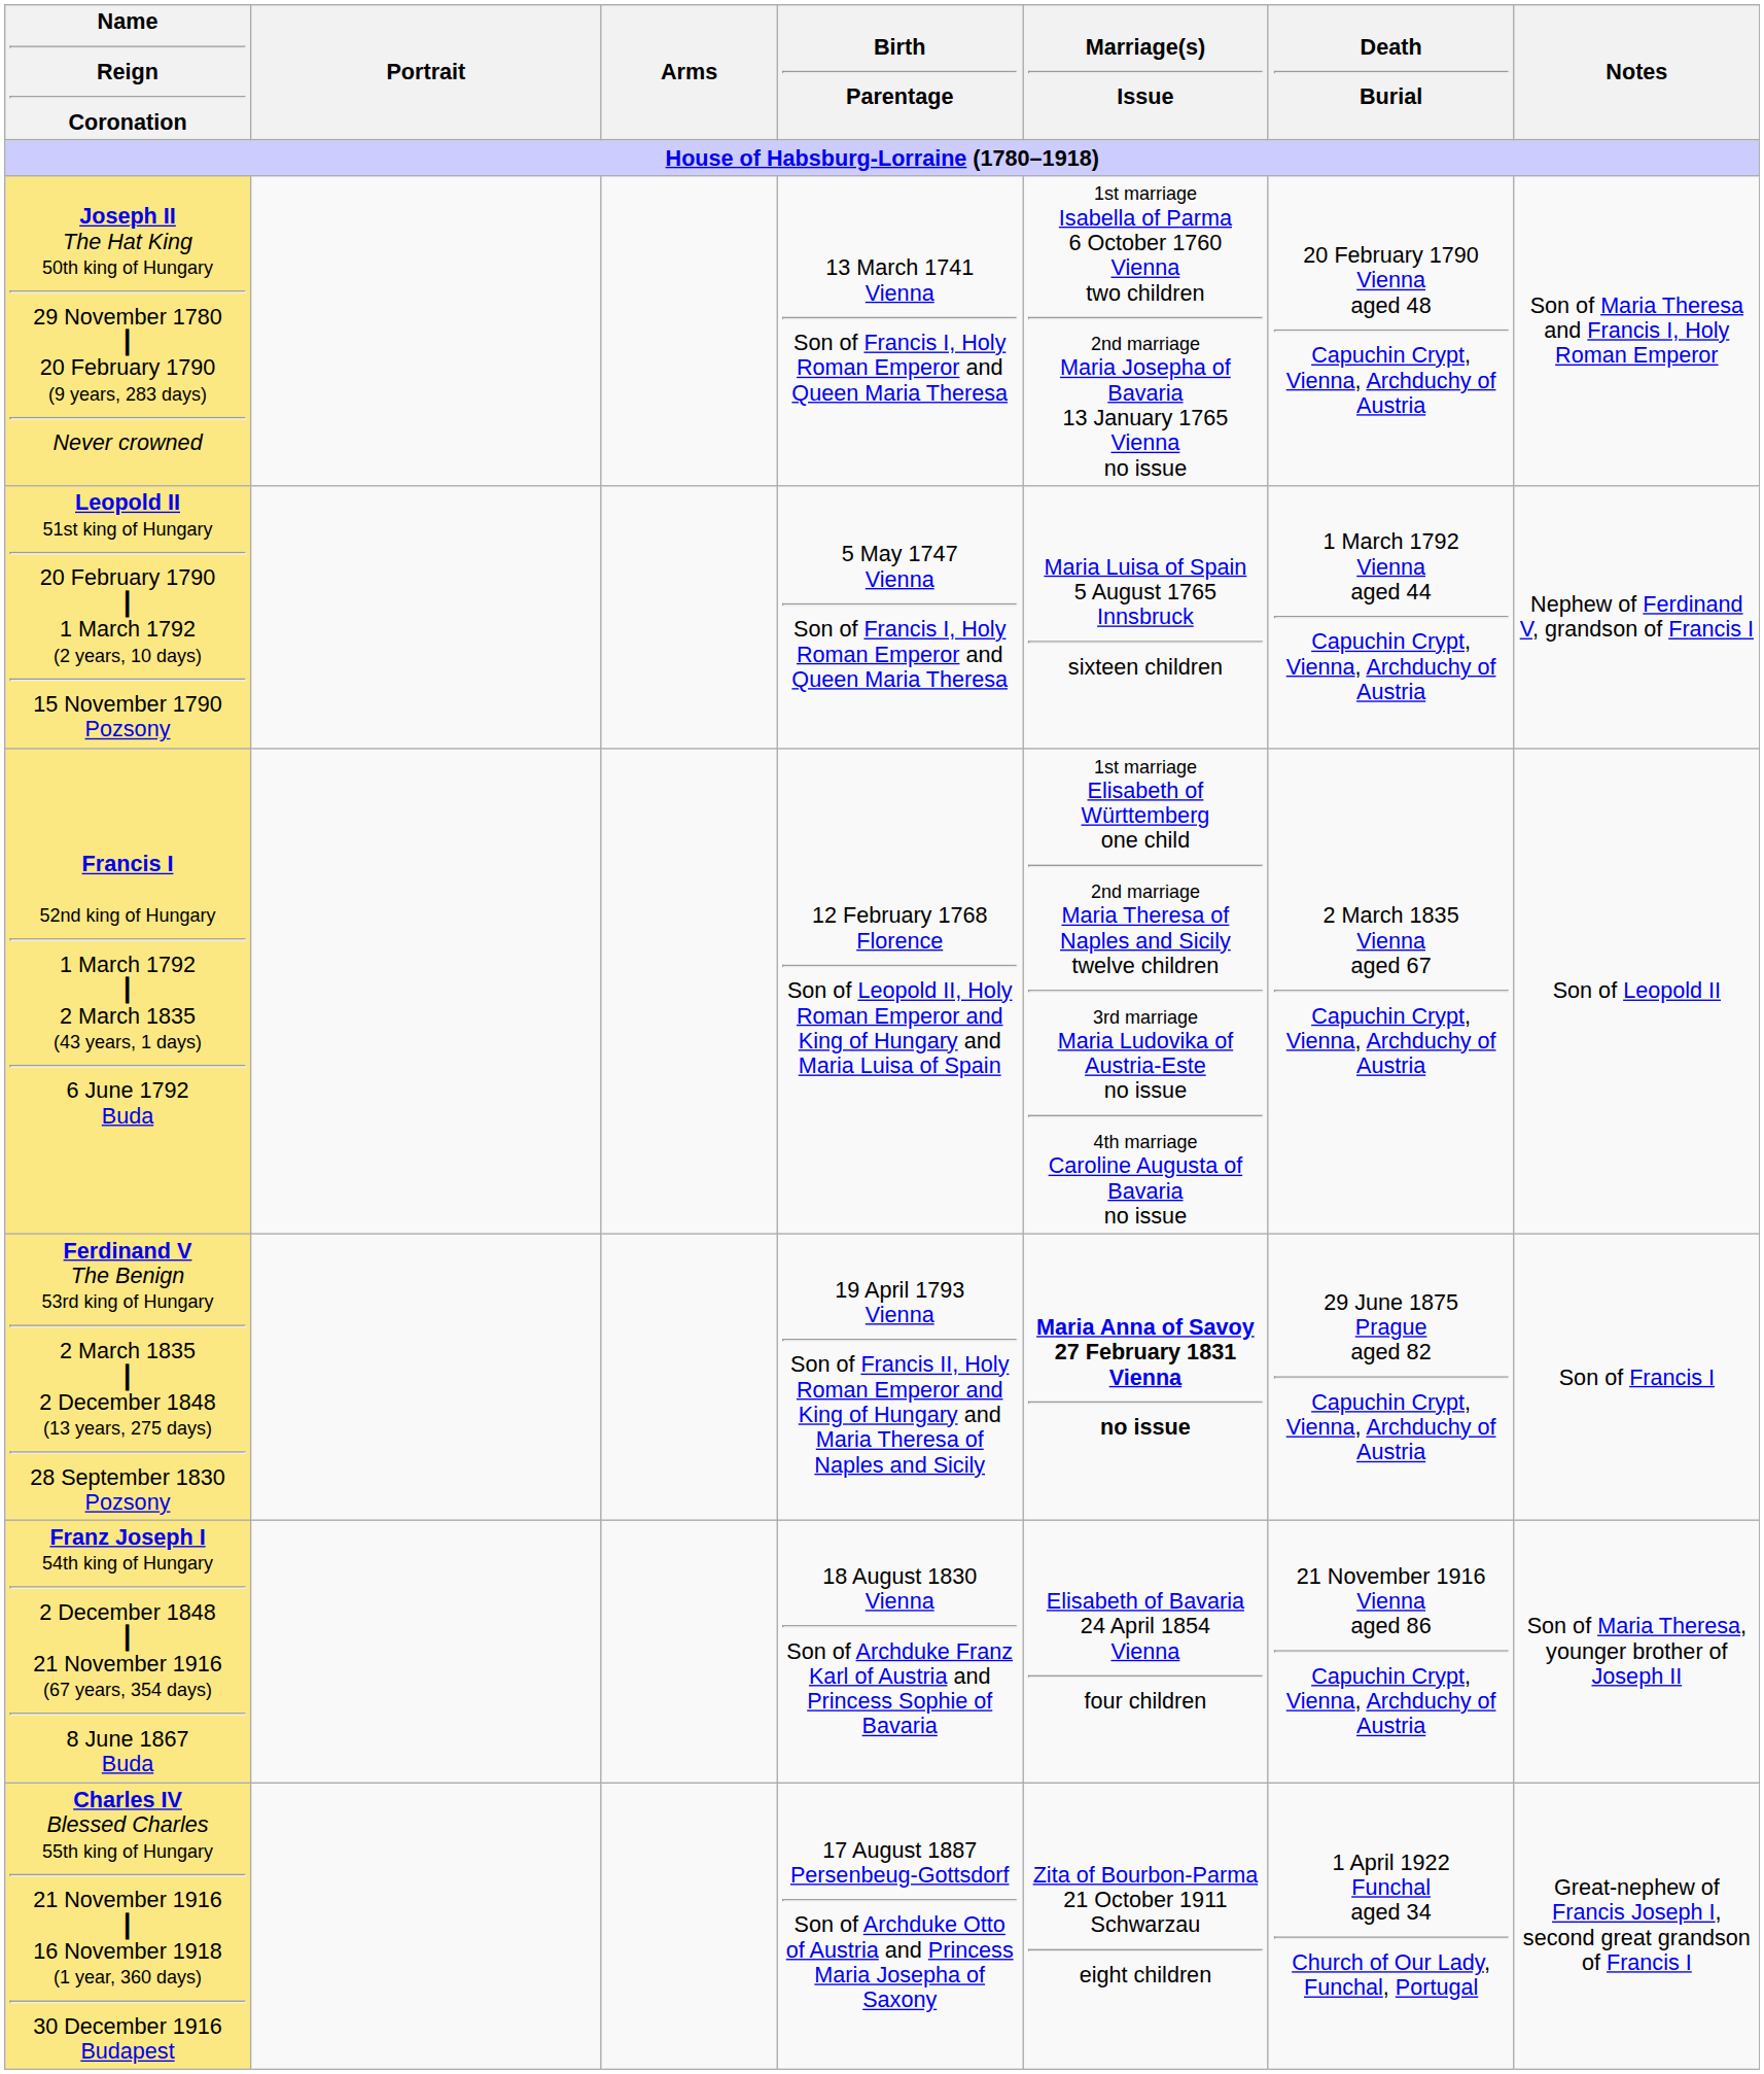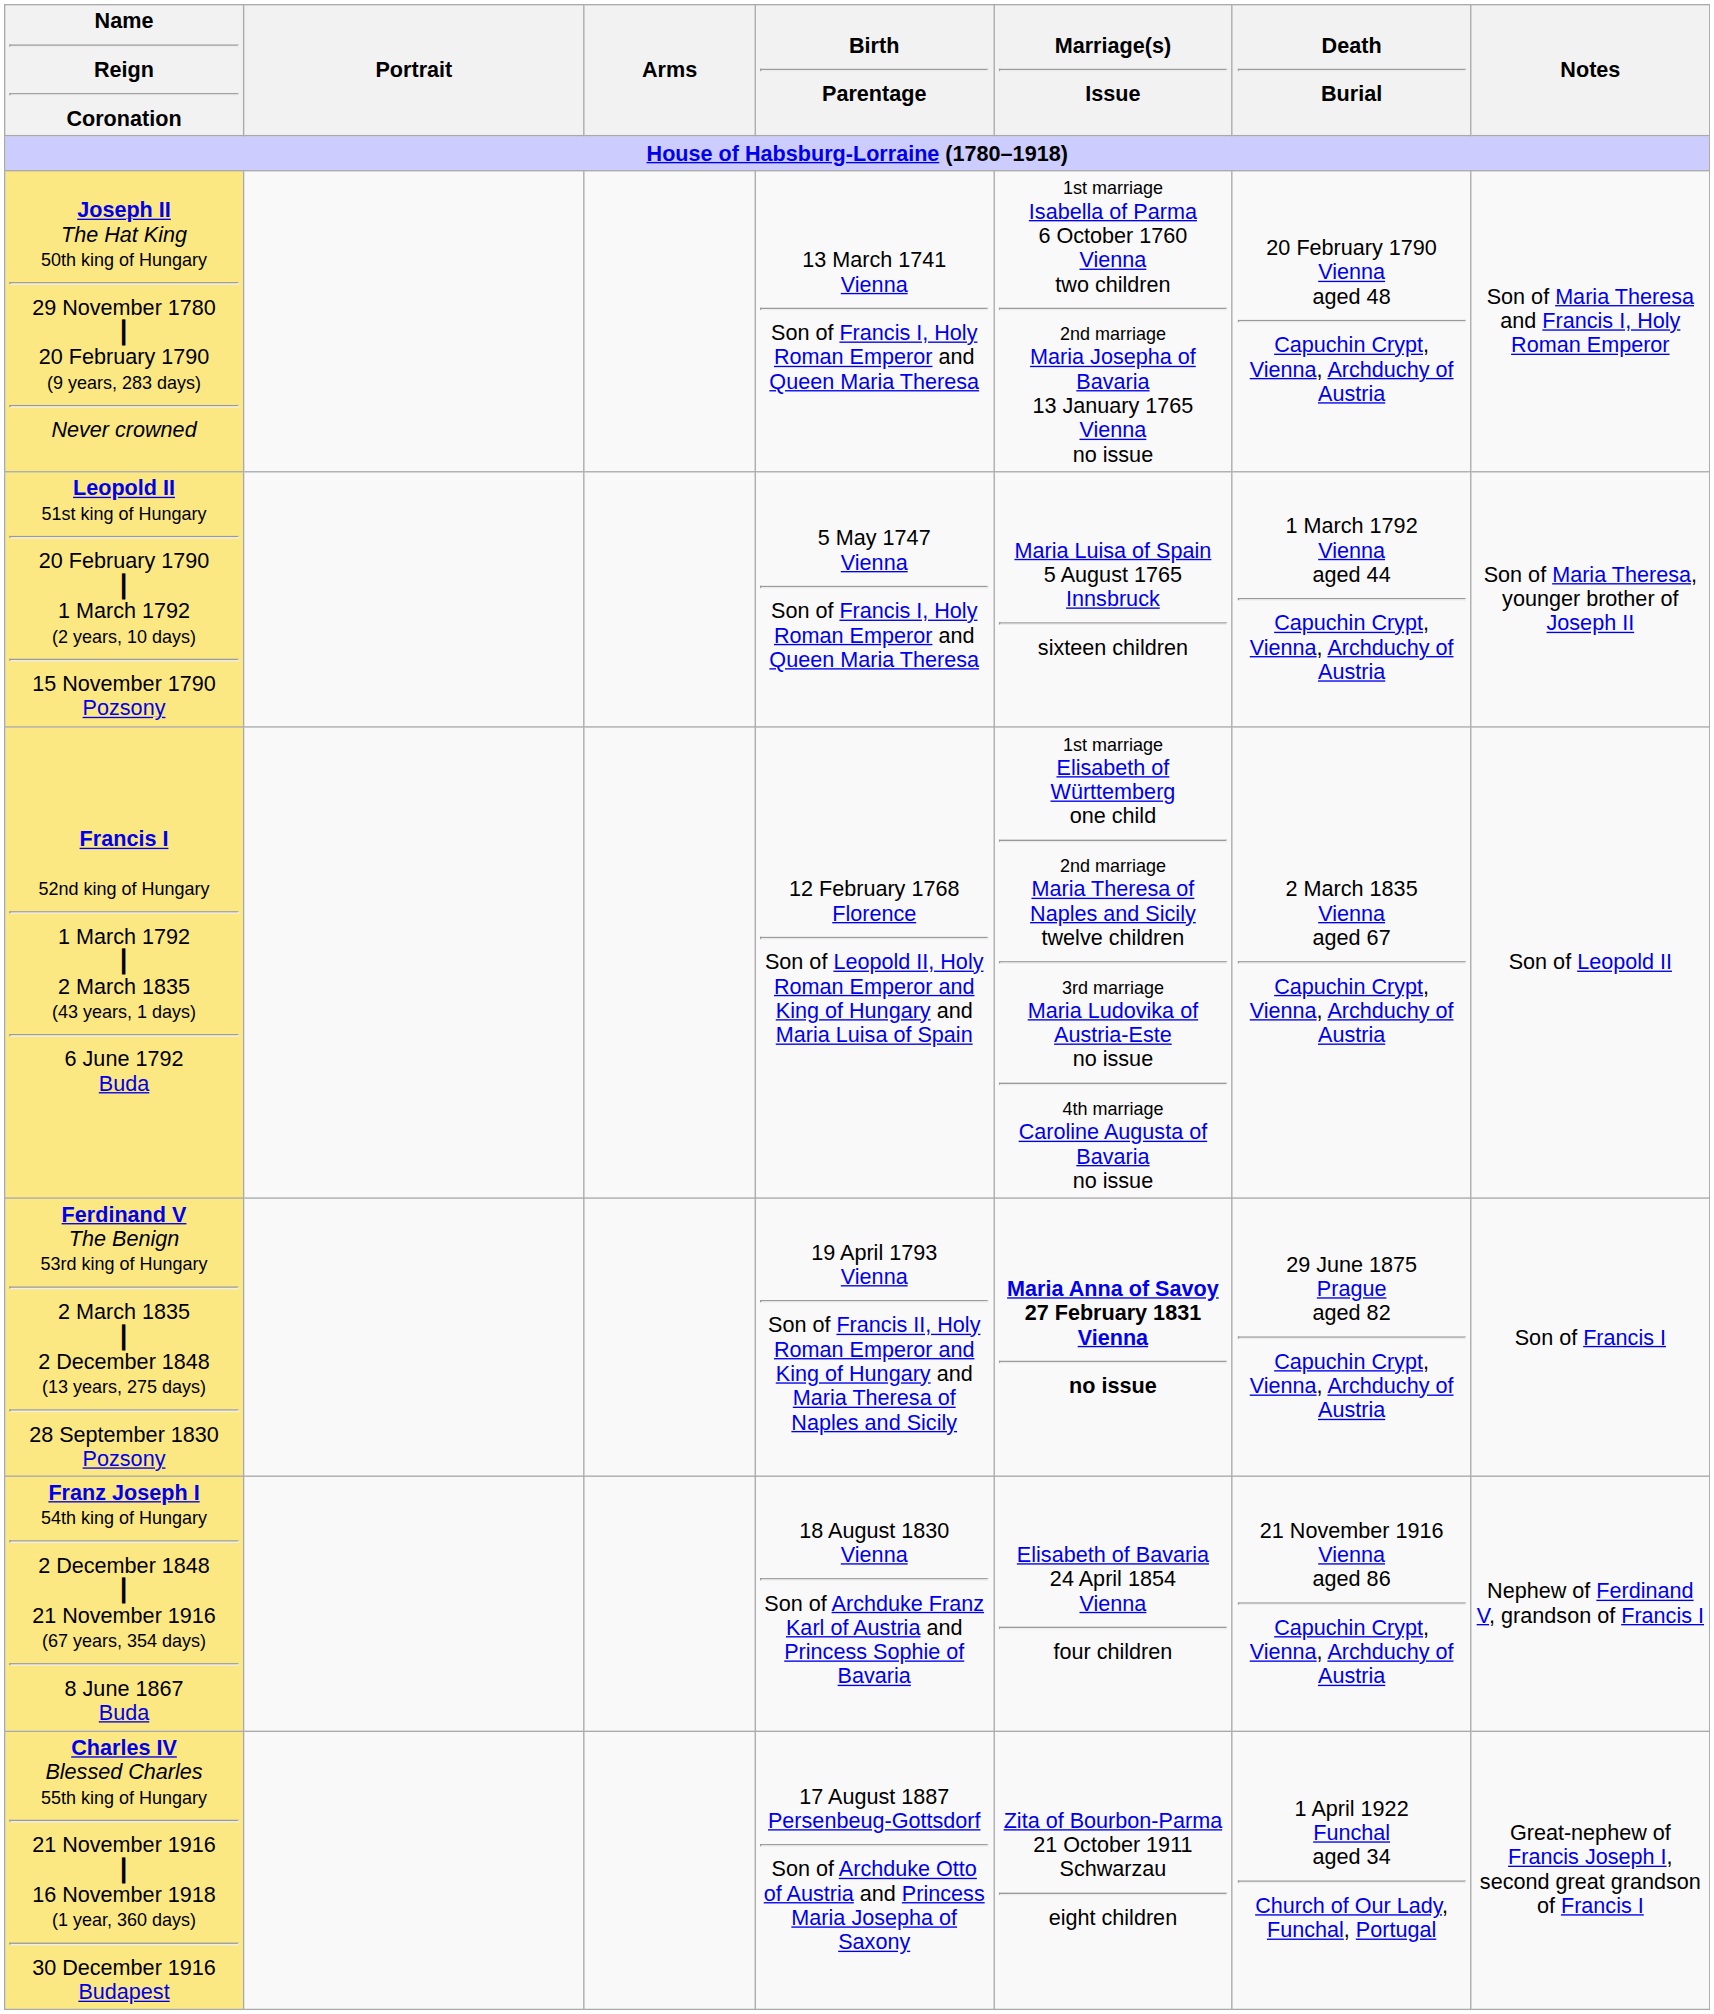 <table style="text-align:Center; width:100%" class="wikitable">
 <tr>
 <th width="14%">Name<hr>Reign<hr>Coronation</th>
 <th width="20%">Portrait</th>
 <th width="10%">Arms</th>
 <th width="14%">Birth<hr>Parentage</th>
 <th width="14%">Marriage(s)<hr>Issue</th>
 <th width="14%">Death<hr>Burial</th>
 <th width="14%">Notes</th>
 </tr>
 <tr>
 <th colspan="7" style="background:#ccccff"><a href='#'>House of Habsburg-Lorraine</a> (1780–1918)</th>
 </tr>
 <tr>
 <td style="background:#FCE883"><strong><a href='#'>Joseph II</a></strong><br><em>The Hat King</em><br><small>50th king of Hungary</small><hr>29 November 1780<br>┃<br>20 February 1790<br><small>(9 years, 283 days)</small><hr><em>Never crowned</em></td>
 <td></td>
 <td></td>
 <td>13 March 1741<br><a href='#'>Vienna</a><hr>Son of <a href='#'>Francis I, Holy Roman Emperor</a> and <a href='#'>Queen Maria Theresa</a></td>
 <td><small>1st marriage</small><br><a href='#'>Isabella of Parma</a><br>6 October 1760<br><a href='#'>Vienna</a><br>two children<hr><small>2nd marriage</small><br><a href='#'>Maria Josepha of Bavaria</a><br>13 January 1765<br><a href='#'>Vienna</a><br>no issue</td>
 <td>20 February 1790<br><a href='#'>Vienna</a><br>aged 48<hr><a href='#'>Capuchin Crypt</a>, <a href='#'>Vienna</a>, <a href='#'>Archduchy of Austria</a></td>
 <td>Son of <a href='#'>Maria Theresa</a> and <a href='#'>Francis I, Holy Roman Emperor</a></td>
 </tr>
 <tr>
 <td style="background:#FCE883"><strong><a href='#'>Leopold II</a></strong><br><small>51st king of Hungary</small><hr>20 February 1790<br>┃<br>1 March 1792<br><small>(2 years, 10 days)</small><hr> 15 November 1790<br><a href='#'>Pozsony</a></td>
 <td></td>
 <td></td>
 <td>5 May 1747<br><a href='#'>Vienna</a><hr>Son of <a href='#'>Francis I, Holy Roman Emperor</a> and <a href='#'>Queen Maria Theresa</a></td>
 <td><a href='#'>Maria Luisa of Spain</a><br>5 August 1765<br><a href='#'>Innsbruck</a><br><hr>sixteen children</td>
 <td>1 March 1792<br><a href='#'>Vienna</a><br>aged 44<hr><a href='#'>Capuchin Crypt</a>, <a href='#'>Vienna</a>, <a href='#'>Archduchy of Austria</a></td>
-<td>Nephew of <a href='#'>Ferdinand V</a>, grandson of <a href='#'>Francis I</a></td>
+<td>Son of <a href='#'>Maria Theresa</a>, younger brother of <a href='#'>Joseph II</a></td>
 </tr>
 <tr>
 <td style="background:#FCE883"><strong><a href='#'>Francis I</a></strong><br><br><small>52nd king of Hungary</small><hr>1 March 1792<br>┃<br>2 March 1835<br><small>(43 years, 1 days)</small><hr> 6 June 1792<br><a href='#'>Buda</a></td>
 <td></td>
 <td></td>
 <td>12 February 1768<br><a href='#'>Florence</a><hr>Son of <a href='#'>Leopold II, Holy Roman Emperor and King of Hungary</a> and <a href='#'>Maria Luisa of Spain</a></td>
 <td><small>1st marriage</small><br><a href='#'>Elisabeth of Württemberg</a><br>one child<hr><small>2nd marriage</small><br><a href='#'>Maria Theresa of Naples and Sicily</a><br>twelve children<hr><small>3rd marriage</small><br><a href='#'>Maria Ludovika of Austria-Este</a><br>no issue<hr><small>4th marriage</small><br><a href='#'>Caroline Augusta of Bavaria</a><br>no issue</td>
 <td>2 March 1835<br><a href='#'>Vienna</a><br>aged 67<hr><a href='#'>Capuchin Crypt</a>, <a href='#'>Vienna</a>, <a href='#'>Archduchy of Austria</a></td>
 <td>Son of <a href='#'>Leopold II</a></td>
 </tr>
 <tr>
 <td style="background:#FCE883"><strong><a href='#'>Ferdinand V</a></strong><br><em>The Benign</em><br><small>53rd king of Hungary</small><hr>2 March 1835<br>┃<br>2 December 1848<br><small>(13 years, 275 days)</small><hr> 28 September 1830<br><a href='#'>Pozsony</a></td>
 <td></td>
 <td></td>
 <td>19 April 1793<br><a href='#'>Vienna</a><hr>Son of <a href='#'>Francis II, Holy Roman Emperor and King of Hungary</a> and <a href='#'>Maria Theresa of Naples and Sicily</a></td>
 <td><strong><a href='#'>Maria Anna of Savoy</a><br>27 February 1831<br><a href='#'>Vienna</a><hr>no issue</strong></td>
 <td>29 June 1875<br><a href='#'>Prague</a><br>aged 82<hr><a href='#'>Capuchin Crypt</a>, <a href='#'>Vienna</a>, <a href='#'>Archduchy of Austria</a></td>
 <td>Son of <a href='#'>Francis I</a></td>
 </tr>
 <tr>
 <td style="background:#FCE883"><strong><a href='#'>Franz Joseph I</a></strong><br><small>54th king of Hungary</small><hr>2 December 1848<br>┃<br>21 November 1916<br><small>(67 years, 354 days)</small><hr> 8 June 1867<br><a href='#'>Buda</a></td>
 <td></td>
 <td></td>
 <td>18 August 1830<br><a href='#'>Vienna</a><hr>Son of <a href='#'>Archduke Franz Karl of Austria</a> and <a href='#'>Princess Sophie of Bavaria</a></td>
 <td><a href='#'>Elisabeth of Bavaria</a><br>24 April 1854<br><a href='#'>Vienna</a><hr>four children</td>
 <td>21 November 1916<br><a href='#'>Vienna</a><br>aged 86<hr><a href='#'>Capuchin Crypt</a>, <a href='#'>Vienna</a>, <a href='#'>Archduchy of Austria</a></td>
-<td>Son of <a href='#'>Maria Theresa</a>, younger brother of <a href='#'>Joseph II</a></td>
+<td>Nephew of <a href='#'>Ferdinand V</a>, grandson of <a href='#'>Francis I</a></td>
 </tr>
 <tr>
 <td style="background:#FCE883"><strong><a href='#'>Charles IV</a></strong><br><em>Blessed Charles</em><br><small>55th king of Hungary</small><hr>21 November 1916<br>┃<br>16 November 1918<br><small>(1 year, 360 days)</small><hr> 30 December 1916<br><a href='#'>Budapest</a></td>
 <td></td>
 <td></td>
 <td>17 August 1887<br><a href='#'>Persenbeug-Gottsdorf</a><hr>Son of <a href='#'>Archduke Otto of Austria</a> and <a href='#'>Princess Maria Josepha of Saxony</a></td>
 <td><a href='#'>Zita of Bourbon-Parma</a><br>21 October 1911<br>Schwarzau<hr>eight children</td>
 <td>1 April 1922<br><a href='#'>Funchal</a><br>aged 34<hr><a href='#'>Church of Our Lady</a>, <a href='#'>Funchal</a>, <a href='#'>Portugal</a></td>
 <td>Great-nephew of <a href='#'>Francis Joseph I</a>, second great grandson of <a href='#'>Francis I</a></td>
 </tr>
 </table>
